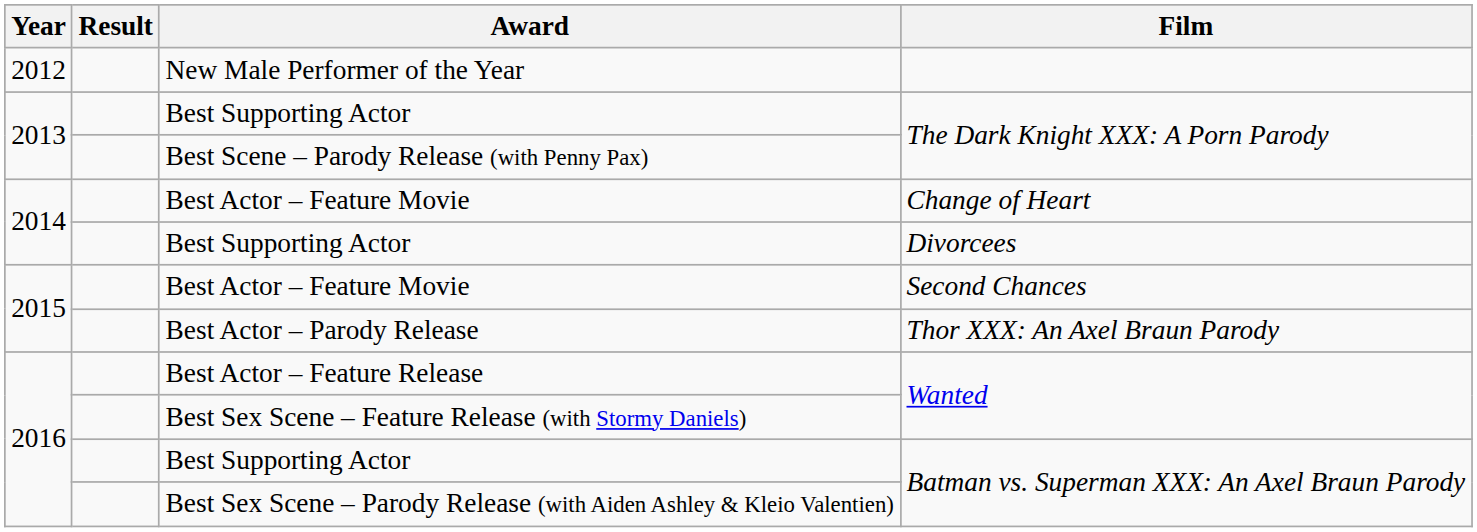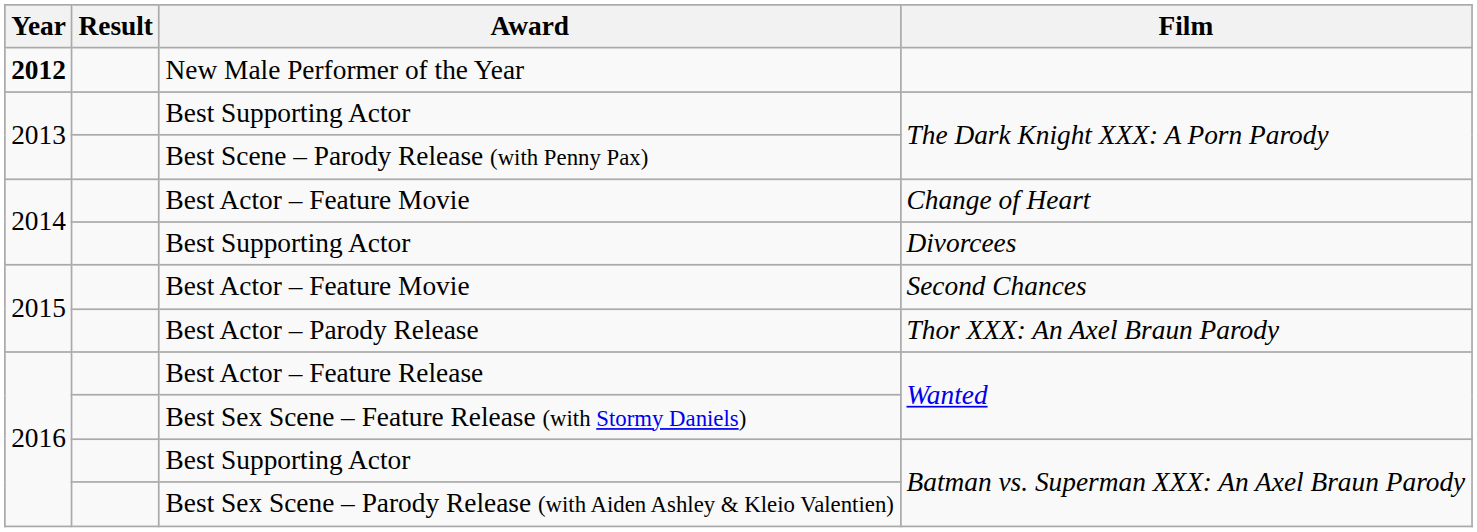 <table class="wikitable">
 <tr>
 <th>Year</th>
 <th>Result</th>
 <th>Award</th>
 <th>Film</th>
 </tr>
 <tr>
-<td>2012</td>
+<td><strong>2012</strong></td>
 <td></td>
 <td>New Male Performer of the Year</td>
 <td></td>
 </tr>
 <tr>
 <td rowspan="2">2013</td>
 <td></td>
 <td>Best Supporting Actor</td>
 <td rowspan="2"><em>The Dark Knight XXX: A Porn Parody</em></td>
 </tr>
 <tr>
 <td></td>
 <td>Best Scene – Parody Release <small>(with Penny Pax)</small></td>
 </tr>
 <tr>
 <td rowspan="2">2014</td>
 <td></td>
 <td>Best Actor – Feature Movie</td>
 <td><em>Change of Heart</em></td>
 </tr>
 <tr>
 <td></td>
 <td>Best Supporting Actor</td>
 <td><em>Divorcees</em></td>
 </tr>
 <tr>
 <td rowspan="2">2015</td>
 <td></td>
 <td>Best Actor – Feature Movie</td>
 <td><em>Second Chances</em></td>
 </tr>
 <tr>
 <td></td>
 <td>Best Actor – Parody Release</td>
 <td><em>Thor XXX: An Axel Braun Parody</em></td>
 </tr>
 <tr>
 <td rowspan="4">2016</td>
 <td></td>
 <td>Best Actor – Feature Release</td>
 <td rowspan="2"><em><a href='#'>Wanted</a></em></td>
 </tr>
 <tr>
 <td></td>
 <td>Best Sex Scene – Feature Release <small>(with <a href='#'>Stormy Daniels</a>)</small></td>
 </tr>
 <tr>
 <td></td>
 <td>Best Supporting Actor</td>
 <td rowspan="2"><em>Batman vs. Superman XXX: An Axel Braun Parody</em></td>
 </tr>
 <tr>
 <td></td>
 <td>Best Sex Scene – Parody Release <small>(with Aiden Ashley & Kleio Valentien)</small></td>
 </tr>
 </table>
